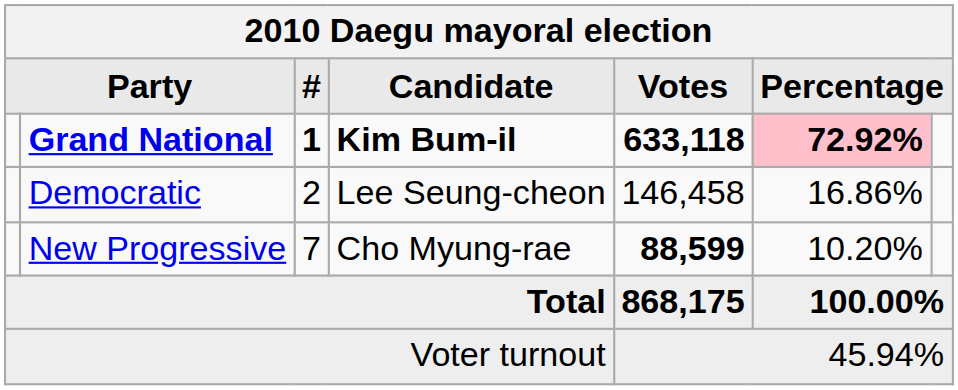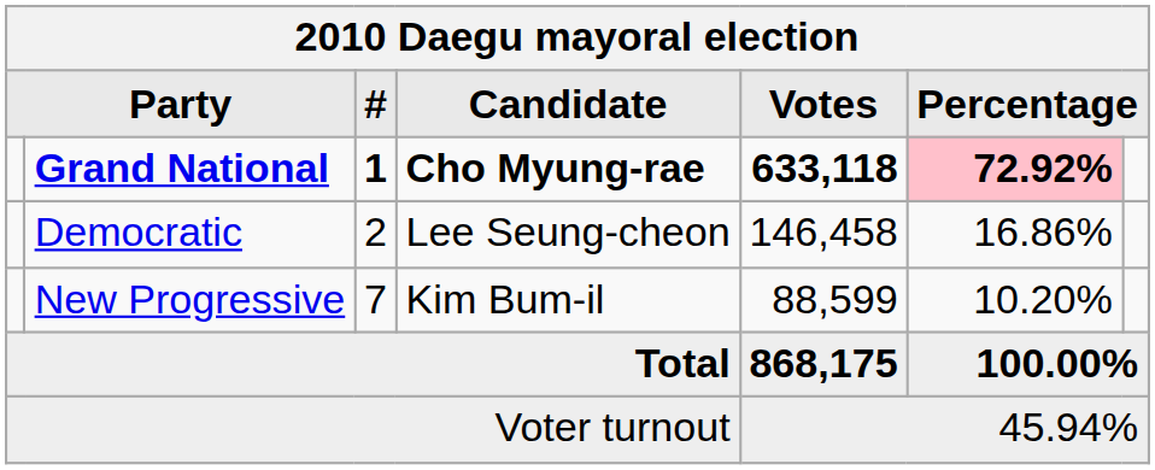 <table class="wikitable">
 <tr>
 <th colspan="7">2010 Daegu mayoral election</th>
 </tr>
 <tr>
 <th style="background-color:#E9E9E9" colspan=2>Party</th>
 <th style="background-color:#E9E9E9">#</th>
 <th style="background-color:#E9E9E9">Candidate</th>
 <th style="background-color:#E9E9E9">Votes</th>
 <th style="background-color:#E9E9E9" colspan=2>Percentage</th>
 </tr>
 <tr style="font-weight:bold">
 <td></td>
 <td align=left><a href='#'>Grand National</a></td>
 <td align=center>1</td>
-<td align=left>Kim Bum-il</td>
+<td align=left>Cho Myung-rae</td>
 <td align=right>633,118</td>
 <td align=right style="background: pink;">72.92%</td>
 <td align=right></td>
 </tr>
 <tr>
 <td></td>
 <td align=left><a href='#'>Democratic</a></td>
 <td align=center>2</td>
 <td align=left>Lee Seung-cheon</td>
 <td align=right>146,458</td>
 <td align=right>16.86%</td>
 <td align=right></td>
 </tr>
 <tr>
 <td></td>
 <td align=left><a href='#'>New Progressive</a></td>
 <td align=center>7</td>
-<td align=left>Cho Myung-rae</td>
-<td align=right><strong>88,599</strong></td>
+<td align=left>Kim Bum-il</td>
+<td align=right>88,599</td>
 <td align=right>10.20%</td>
 <td align=right></td>
 </tr>
 <tr bgcolor="#EEEEEE" style="font-weight:bold">
 <td colspan="4" align=right>Total</td>
 <td align=right>868,175</td>
 <td align=right colspan=2>100.00%</td>
 </tr>
 <tr bgcolor="#EEEEEE">
 <td colspan="4" align="right">Voter turnout</td>
 <td colspan="3" align="right">45.94%</td>
 </tr>
 </table>
